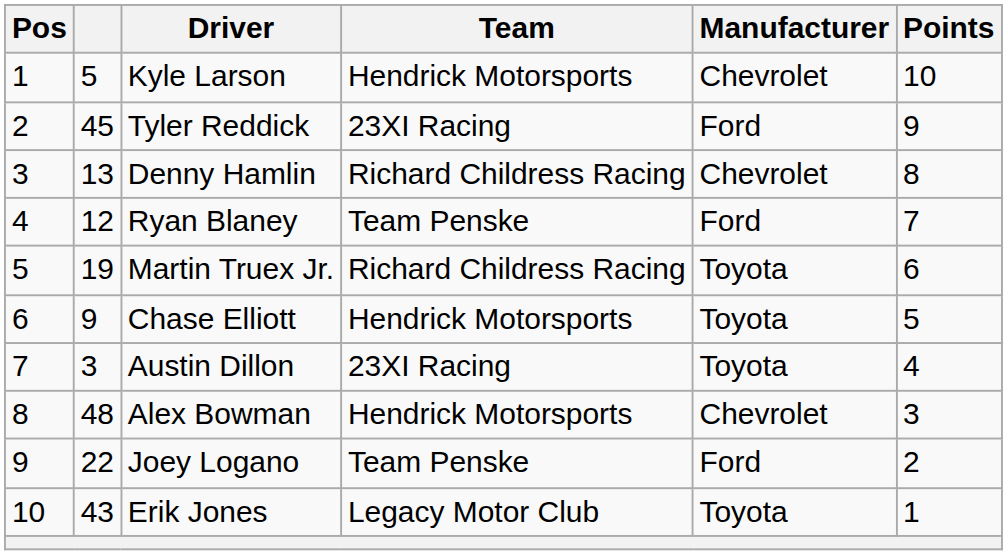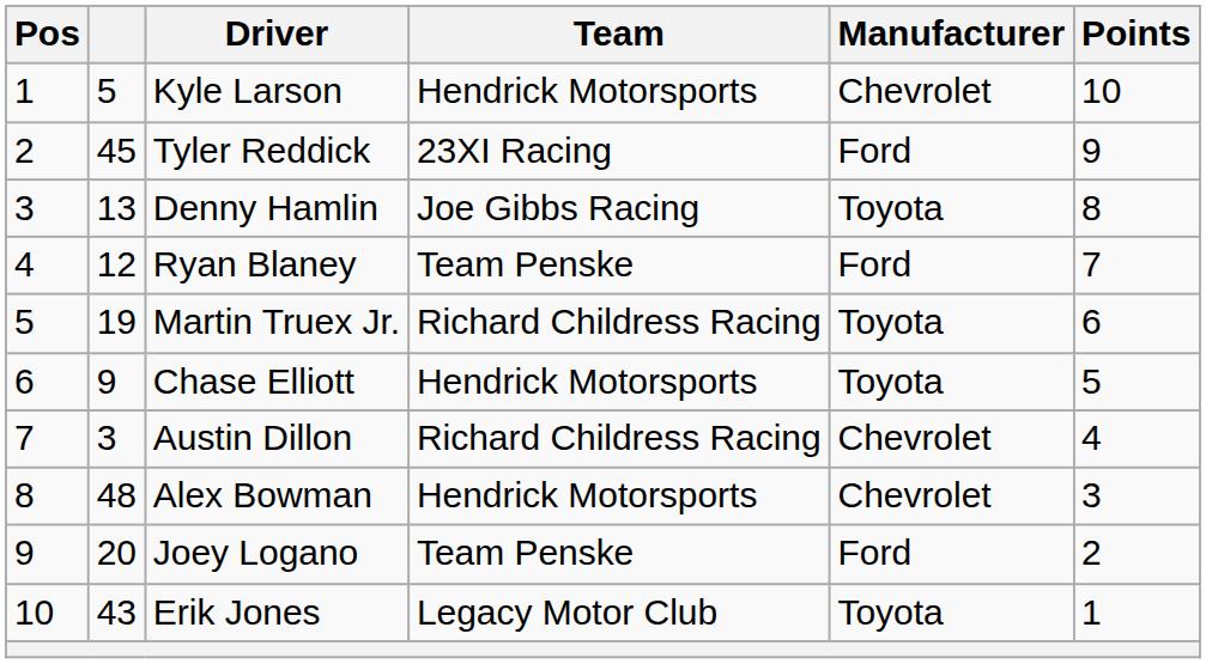 <table class="wikitable" style="font-size:98%">
 <tr>
 <th>Pos</th>
 <th></th>
 <th>Driver</th>
 <th>Team</th>
 <th>Manufacturer</th>
 <th>Points</th>
 </tr>
 <tr>
 <td>1</td>
 <td>5</td>
 <td>Kyle Larson</td>
 <td>Hendrick Motorsports</td>
 <td>Chevrolet</td>
 <td>10</td>
 </tr>
 <tr>
 <td>2</td>
 <td>45</td>
 <td>Tyler Reddick</td>
 <td>23XI Racing</td>
 <td>Ford</td>
 <td>9</td>
 </tr>
 <tr>
 <td>3</td>
 <td>13</td>
 <td>Denny Hamlin</td>
-<td>Richard Childress Racing</td>
-<td>Chevrolet</td>
+<td>Joe Gibbs Racing</td>
+<td>Toyota</td>
 <td>8</td>
 </tr>
 <tr>
 <td>4</td>
 <td>12</td>
 <td>Ryan Blaney</td>
 <td>Team Penske</td>
 <td>Ford</td>
 <td>7</td>
 </tr>
 <tr>
 <td>5</td>
 <td>19</td>
 <td>Martin Truex Jr.</td>
 <td>Richard Childress Racing</td>
 <td>Toyota</td>
 <td>6</td>
 </tr>
 <tr>
 <td>6</td>
 <td>9</td>
 <td>Chase Elliott</td>
 <td>Hendrick Motorsports</td>
 <td>Toyota</td>
 <td>5</td>
 </tr>
 <tr>
 <td>7</td>
 <td>3</td>
 <td>Austin Dillon</td>
-<td>23XI Racing</td>
-<td>Toyota</td>
+<td>Richard Childress Racing</td>
+<td>Chevrolet</td>
 <td>4</td>
 </tr>
 <tr>
 <td>8</td>
 <td>48</td>
 <td>Alex Bowman</td>
 <td>Hendrick Motorsports</td>
 <td>Chevrolet</td>
 <td>3</td>
 </tr>
 <tr>
 <td>9</td>
-<td>22</td>
+<td>20</td>
 <td>Joey Logano</td>
 <td>Team Penske</td>
 <td>Ford</td>
 <td>2</td>
 </tr>
 <tr>
 <td>10</td>
 <td>43</td>
 <td>Erik Jones</td>
 <td>Legacy Motor Club</td>
 <td>Toyota</td>
 <td>1</td>
 </tr>
 <tr>
 <th colspan="6"></th>
 </tr>
 </table>
